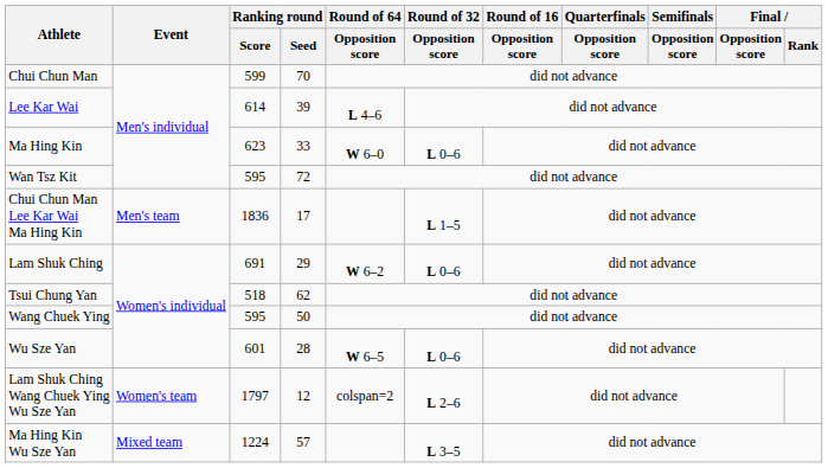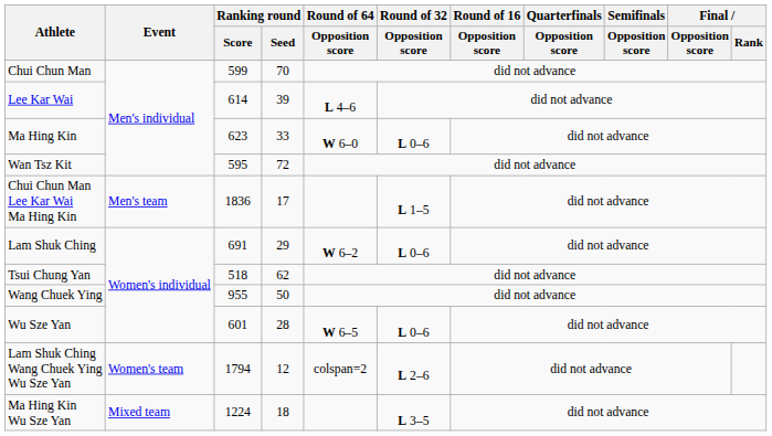 <table class="wikitable" style="font-size:90%; text-align:center;">
 <tr>
 <th rowspan="2">Athlete</th>
 <th rowspan="2">Event</th>
 <th colspan="2">Ranking round</th>
 <th>Round of 64</th>
 <th>Round of 32</th>
 <th>Round of 16</th>
 <th>Quarterfinals</th>
 <th>Semifinals</th>
 <th colspan=2>Final / </th>
 </tr>
 <tr style=font-size:95%>
 <th>Score</th>
 <th>Seed</th>
 <th>Opposition<br> score</th>
 <th>Opposition<br> score</th>
 <th>Opposition<br> score</th>
 <th>Opposition<br> score</th>
 <th>Opposition<br> score</th>
 <th>Opposition<br> score</th>
 <th>Rank</th>
 </tr>
 <tr>
 <td align=left>Chui Chun Man</td>
 <td align=left rowspan=4><a href='#'>Men's individual</a></td>
 <td>599</td>
 <td>70</td>
 <td colspan=7>did not advance</td>
 </tr>
 <tr>
 <td align=left><a href='#'>Lee Kar Wai</a></td>
 <td>614</td>
 <td>39</td>
 <td><br><strong>L</strong> 4–6</td>
 <td colspan=6>did not advance</td>
 </tr>
 <tr>
 <td align=left>Ma Hing Kin</td>
 <td>623</td>
 <td>33</td>
 <td><br><strong>W</strong> 6–0</td>
 <td><br><strong>L</strong> 0–6</td>
 <td colspan=5>did not advance</td>
 </tr>
 <tr>
 <td align=left>Wan Tsz Kit</td>
 <td>595</td>
 <td>72</td>
 <td colspan=7>did not advance</td>
 </tr>
 <tr>
 <td align=left>Chui Chun Man<br><a href='#'>Lee Kar Wai</a><br>Ma Hing Kin</td>
 <td align=left><a href='#'>Men's team</a></td>
 <td>1836</td>
 <td>17</td>
 <td></td>
 <td><br><strong>L</strong> 1–5</td>
 <td colspan=5>did not advance</td>
 </tr>
 <tr>
 <td align=left>Lam Shuk Ching</td>
 <td align=left rowspan=4><a href='#'>Women's individual</a></td>
 <td>691</td>
 <td>29</td>
 <td><br><strong>W</strong> 6–2</td>
 <td><br><strong>L</strong> 0–6</td>
 <td colspan=5>did not advance</td>
 </tr>
 <tr>
 <td align=left>Tsui Chung Yan</td>
 <td>518</td>
 <td>62</td>
 <td colspan=7>did not advance</td>
 </tr>
 <tr>
 <td align=left>Wang Chuek Ying</td>
-<td>595</td>
+<td>955</td>
 <td>50</td>
 <td colspan=7>did not advance</td>
 </tr>
 <tr>
 <td align=left>Wu Sze Yan</td>
 <td>601</td>
 <td>28</td>
 <td><br><strong>W</strong> 6–5</td>
 <td><br><strong>L</strong> 0–6</td>
 <td colspan=5>did not advance</td>
 </tr>
 <tr>
 <td align=left>Lam Shuk Ching<br>Wang Chuek Ying<br>Wu Sze Yan</td>
 <td align=left><a href='#'>Women's team</a></td>
-<td>1797</td>
+<td>1794</td>
 <td>12</td>
 <td>colspan=2</td>
 <td><br><strong>L</strong> 2–6</td>
 <td colspan=4>did not advance</td>
 </tr>
 <tr>
 <td align=left>Ma Hing Kin<br>Wu Sze Yan</td>
 <td align=left><a href='#'>Mixed team</a></td>
 <td>1224</td>
-<td>57</td>
+<td>18</td>
 <td></td>
 <td><br><strong>L</strong> 3–5</td>
 <td colspan=5>did not advance</td>
 </tr>
 </table>
